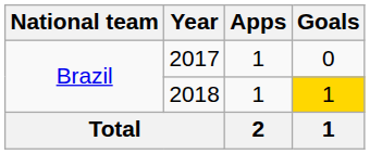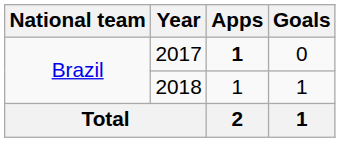 <table class="wikitable" style="text-align:center">
 <tr>
 <th>National team</th>
 <th>Year</th>
 <th>Apps</th>
 <th>Goals</th>
 </tr>
 <tr>
 <td rowspan="2"><a href='#'>Brazil</a></td>
 <td>2017</td>
-<td>1</td>
+<td><strong>1</strong></td>
 <td>0</td>
 </tr>
 <tr>
 <td>2018</td>
 <td>1</td>
-<td style="background: gold;">1</td>
+<td>1</td>
 </tr>
 <tr>
 <th colspan="2">Total</th>
 <th>2</th>
 <th>1</th>
 </tr>
 </table>
